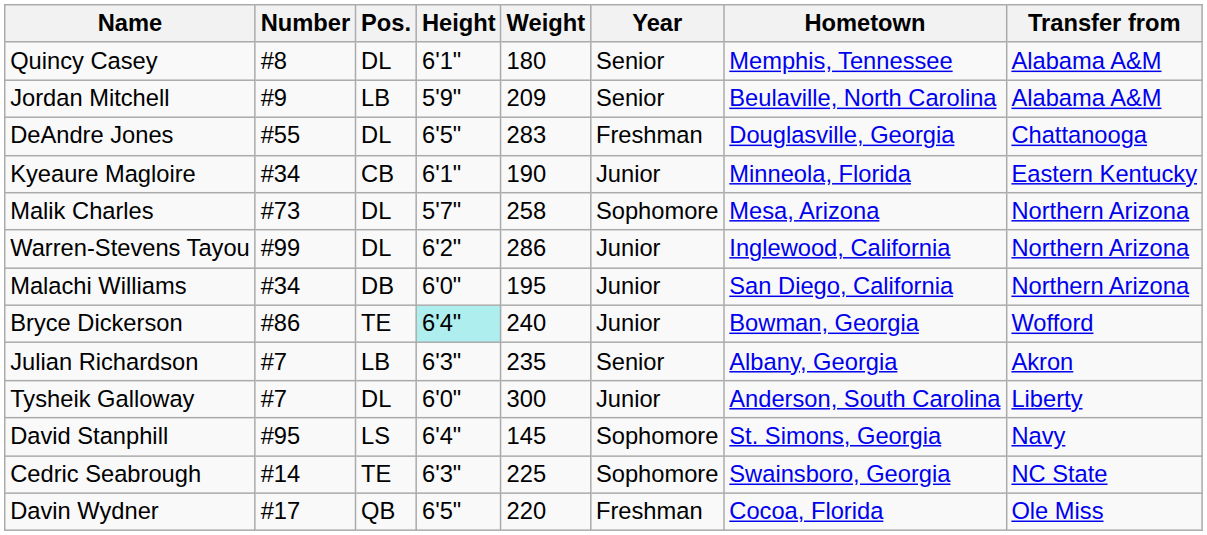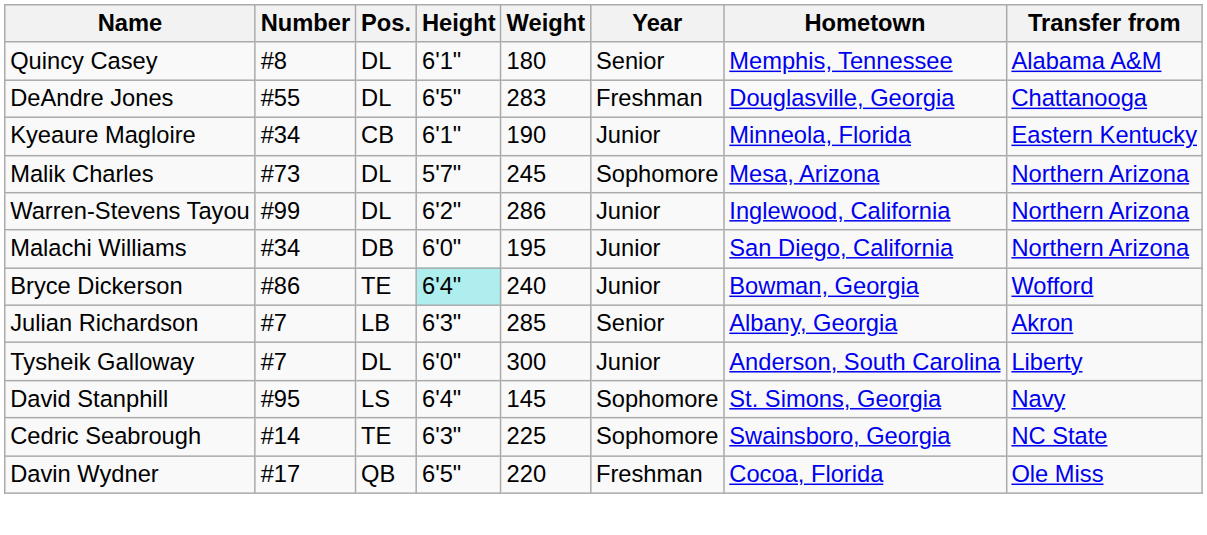 <table class="wikitable sortable">
 <tr>
 <th style="text-align:center;">Name</th>
 <th style="text-align:center;">Number</th>
 <th style="text-align:center;">Pos.</th>
 <th style="text-align:center;">Height</th>
 <th style="text-align:center;">Weight</th>
 <th style="text-align:center;">Year</th>
 <th style="text-align:center;">Hometown</th>
 <th style="text-align:center;">Transfer from</th>
 </tr>
 <tr>
 <td>Quincy Casey</td>
 <td>#8</td>
 <td>DL</td>
 <td>6'1"</td>
 <td>180</td>
 <td>Senior</td>
 <td><a href='#'>Memphis, Tennessee</a></td>
-<td><a href='#'>Alabama A&M</a></td>
-</tr>
-<tr>
-<td>Jordan Mitchell</td>
-<td>#9</td>
-<td>LB</td>
-<td>5'9"</td>
-<td>209</td>
-<td>Senior</td>
-<td><a href='#'>Beulaville, North Carolina</a></td>
 <td><a href='#'>Alabama A&M</a></td>
 </tr>
 <tr>
 <td>DeAndre Jones</td>
 <td>#55</td>
 <td>DL</td>
 <td>6'5"</td>
 <td>283</td>
 <td> Freshman</td>
 <td><a href='#'>Douglasville, Georgia</a></td>
 <td><a href='#'>Chattanooga</a></td>
 </tr>
 <tr>
 <td>Kyeaure Magloire</td>
 <td>#34</td>
 <td>CB</td>
 <td>6'1"</td>
 <td>190</td>
 <td>Junior</td>
 <td><a href='#'>Minneola, Florida</a></td>
 <td><a href='#'>Eastern Kentucky</a></td>
 </tr>
 <tr>
 <td>Malik Charles</td>
 <td>#73</td>
 <td>DL</td>
 <td>5'7"</td>
-<td>258</td>
+<td>245</td>
 <td>Sophomore</td>
 <td><a href='#'>Mesa, Arizona</a></td>
 <td><a href='#'>Northern Arizona</a></td>
 </tr>
 <tr>
 <td>Warren-Stevens Tayou</td>
 <td>#99</td>
 <td>DL</td>
 <td>6'2"</td>
 <td>286</td>
 <td>Junior</td>
 <td><a href='#'>Inglewood, California</a></td>
 <td><a href='#'>Northern Arizona</a></td>
 </tr>
 <tr>
 <td>Malachi Williams</td>
 <td>#34</td>
 <td>DB</td>
 <td>6'0"</td>
 <td>195</td>
 <td>Junior</td>
 <td><a href='#'>San Diego, California</a></td>
 <td><a href='#'>Northern Arizona</a></td>
 </tr>
 <tr>
 <td>Bryce Dickerson</td>
 <td>#86</td>
 <td>TE</td>
 <td style="background: paleturquoise;">6'4"</td>
 <td>240</td>
 <td>Junior</td>
 <td><a href='#'>Bowman, Georgia</a></td>
 <td><a href='#'>Wofford</a></td>
 </tr>
 <tr>
 <td>Julian Richardson</td>
 <td>#7</td>
 <td>LB</td>
 <td>6'3"</td>
-<td>235</td>
+<td>285</td>
 <td>Senior</td>
 <td><a href='#'>Albany, Georgia</a></td>
 <td><a href='#'>Akron</a></td>
 </tr>
 <tr>
 <td>Tysheik Galloway</td>
 <td>#7</td>
 <td>DL</td>
 <td>6'0"</td>
 <td>300</td>
 <td>Junior</td>
 <td><a href='#'>Anderson, South Carolina</a></td>
 <td><a href='#'>Liberty</a></td>
 </tr>
 <tr>
 <td>David Stanphill</td>
 <td>#95</td>
 <td>LS</td>
 <td>6'4"</td>
 <td>145</td>
 <td>Sophomore</td>
 <td><a href='#'>St. Simons, Georgia</a></td>
 <td><a href='#'>Navy</a></td>
 </tr>
 <tr>
 <td>Cedric Seabrough</td>
 <td>#14</td>
 <td>TE</td>
 <td>6'3"</td>
 <td>225</td>
 <td>Sophomore</td>
 <td><a href='#'>Swainsboro, Georgia</a></td>
 <td><a href='#'>NC State</a></td>
 </tr>
 <tr>
 <td>Davin Wydner</td>
 <td>#17</td>
 <td>QB</td>
 <td>6'5"</td>
 <td>220</td>
 <td> Freshman</td>
 <td><a href='#'>Cocoa, Florida</a></td>
 <td><a href='#'>Ole Miss</a></td>
 </tr>
 </table>
